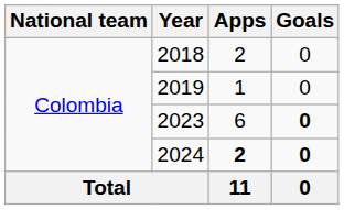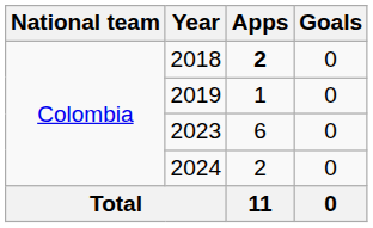 <table class=wikitable style=text-align:center>
 <tr>
 <th>National team</th>
 <th>Year</th>
 <th>Apps</th>
 <th>Goals</th>
 </tr>
 <tr>
 <td rowspan="4"><a href='#'>Colombia</a></td>
 <td>2018</td>
-<td>2</td>
+<td><strong>2</strong></td>
 <td>0</td>
 </tr>
 <tr>
 <td>2019</td>
 <td>1</td>
 <td>0</td>
 </tr>
 <tr>
 <td>2023</td>
 <td>6</td>
-<td><strong>0</strong></td>
+<td>0</td>
 </tr>
 <tr>
 <td>2024</td>
-<td><strong>2</strong></td>
-<td><strong>0</strong></td>
+<td>2</td>
+<td>0</td>
 </tr>
 <tr>
 <th colspan=2>Total</th>
 <th>11</th>
 <th>0</th>
 </tr>
 </table>
